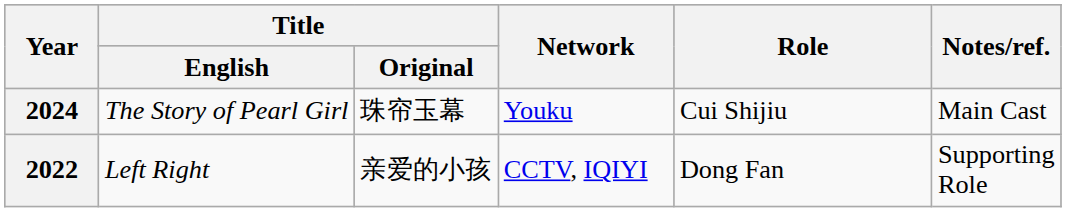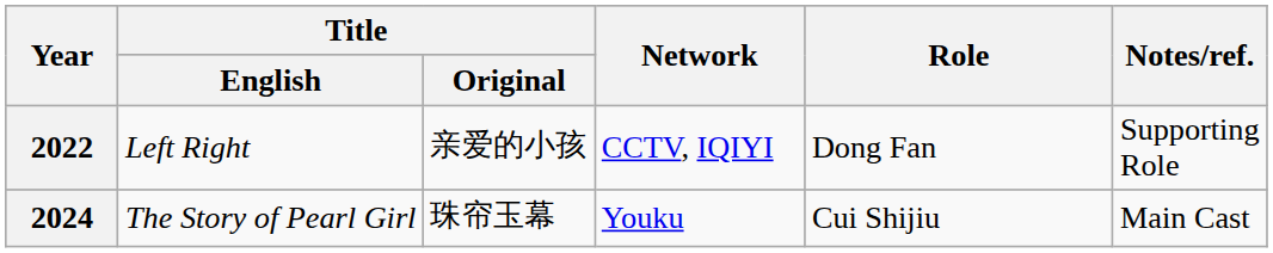 <table class="wikitable">
 <tr>
 <th scope="col" rowspan="2" align="left" width="50px">Year</th>
 <th scope="col" colspan="2" align="left" width="200px">Title</th>
 <th scope="col" rowspan="2" align="left" width="100px">Network</th>
 <th scope="col" rowspan="2" align="left" width="150px">Role</th>
 <th scope="col" rowspan="2" align="left" width="50px">Notes/ref.</th>
 </tr>
 <tr>
 <th scope="col">English</th>
 <th scope="col">Original</th>
 </tr>
 <tr>
+<th scope="row">2022</th>
+<td><em>Left Right</em></td>
+<td>亲爱的小孩</td>
+<td><a href='#'>CCTV</a>, <a href='#'>IQIYI</a></td>
+<td>Dong Fan</td>
+<td>Supporting Role</td>
+</tr>
+<tr>
 <th>2024</th>
 <td><em>The Story of Pearl Girl</em></td>
 <td>珠帘玉幕</td>
 <td><a href='#'>Youku</a></td>
 <td>Cui Shijiu</td>
 <td>Main Cast</td>
 </tr>
-<tr>
-<th scope="row">2022</th>
-<td><em>Left Right</em></td>
-<td>亲爱的小孩</td>
-<td><a href='#'>CCTV</a>, <a href='#'>IQIYI</a></td>
-<td>Dong Fan</td>
-<td>Supporting Role</td>
-</tr>
 </table>
